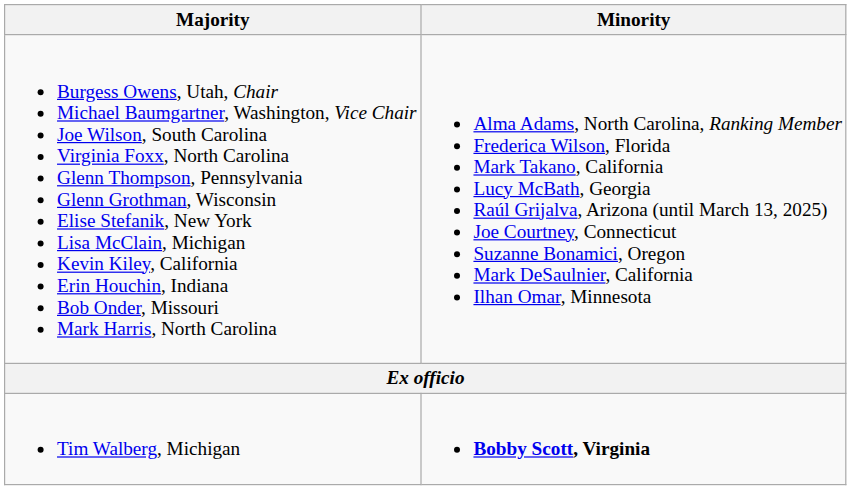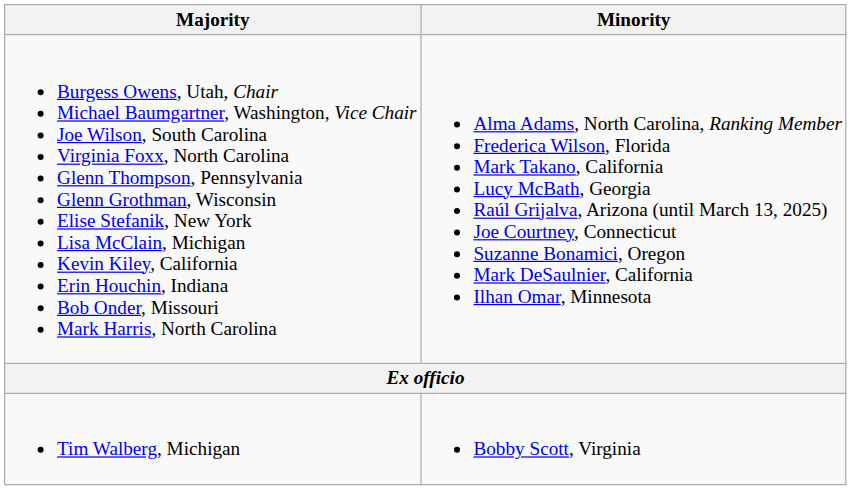 <table class=wikitable>
 <tr>
 <th>Majority</th>
 <th>Minority</th>
 </tr>
 <tr>
 <td><br><ul><li><a href='#'>Burgess Owens</a>, Utah, <em>Chair</em></li><li><a href='#'>Michael Baumgartner</a>, Washington, <em>Vice Chair</em></li><li><a href='#'>Joe Wilson</a>, South Carolina</li><li><a href='#'>Virginia Foxx</a>, North Carolina</li><li><a href='#'>Glenn Thompson</a>, Pennsylvania</li><li><a href='#'>Glenn Grothman</a>, Wisconsin</li><li><a href='#'>Elise Stefanik</a>, New York</li><li><a href='#'>Lisa McClain</a>, Michigan</li><li><a href='#'>Kevin Kiley</a>, California</li><li><a href='#'>Erin Houchin</a>, Indiana</li><li><a href='#'>Bob Onder</a>, Missouri</li><li><a href='#'>Mark Harris</a>, North Carolina</li></ul></td>
 <td><br><ul><li><a href='#'>Alma Adams</a>, North Carolina, <em>Ranking Member</em></li><li><a href='#'>Frederica Wilson</a>, Florida</li><li><a href='#'>Mark Takano</a>, California</li><li><a href='#'>Lucy McBath</a>, Georgia</li><li><a href='#'>Raúl Grijalva</a>, Arizona (until March 13, 2025)</li><li><a href='#'>Joe Courtney</a>, Connecticut</li><li><a href='#'>Suzanne Bonamici</a>, Oregon</li><li><a href='#'>Mark DeSaulnier</a>, California</li><li><a href='#'>Ilhan Omar</a>, Minnesota</li></ul></td>
 </tr>
 <tr>
 <th colspan=2><em>Ex officio</em></th>
 </tr>
 <tr>
 <td><br><ul><li><a href='#'>Tim Walberg</a>, Michigan</li></ul></td>
-<td><strong><br><ul><li><a href='#'>Bobby Scott</a>, Virginia</li></ul></strong></td>
+<td><br><ul><li><a href='#'>Bobby Scott</a>, Virginia</li></ul></td>
 </tr>
 </table>
